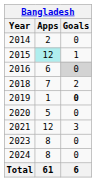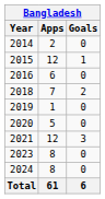 <table class="wikitable" style="text-align:center">
 <tr>
 <th colspan=3><a href='#'>Bangladesh</a></th>
 </tr>
 <tr>
 <th>Year</th>
 <th>Apps</th>
 <th>Goals</th>
 </tr>
 <tr>
 <td>2014</td>
 <td>2</td>
 <td>0</td>
 </tr>
 <tr>
 <td>2015</td>
-<td style="background: paleturquoise;">12</td>
+<td>12</td>
 <td>1</td>
 </tr>
 <tr>
 <td>2016</td>
 <td>6</td>
-<td style="background: lightgrey;">0</td>
+<td>0</td>
 </tr>
 <tr>
 <td>2018</td>
 <td>7</td>
 <td>2</td>
 </tr>
 <tr>
 <td>2019</td>
 <td>1</td>
-<td><strong>0</strong></td>
+<td>0</td>
 </tr>
 <tr>
 <td>2020</td>
 <td>5</td>
 <td>0</td>
 </tr>
 <tr>
 <td>2021</td>
 <td>12</td>
 <td>3</td>
 </tr>
 <tr>
 <td>2023</td>
 <td>8</td>
 <td>0</td>
 </tr>
 <tr>
 <td>2024</td>
 <td>8</td>
 <td>0</td>
 </tr>
 <tr>
 <th>Total</th>
 <th>61</th>
 <th>6</th>
 </tr>
 </table>
